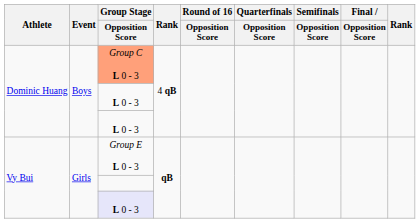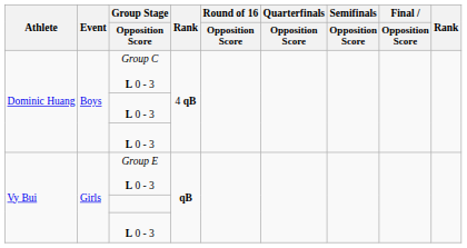 <table class=wikitable style="font-size:90%">
 <tr>
 <th rowspan="2">Athlete</th>
 <th rowspan="2">Event</th>
 <th>Group Stage</th>
 <th rowspan="2">Rank</th>
 <th>Round of 16</th>
 <th>Quarterfinals</th>
 <th>Semifinals</th>
 <th>Final / </th>
 <th rowspan=2>Rank</th>
 </tr>
 <tr style="font-size:95%">
 <th>Opposition<br>Score</th>
 <th>Opposition<br>Score</th>
 <th>Opposition<br>Score</th>
 <th>Opposition<br>Score</th>
 <th>Opposition<br>Score</th>
 </tr>
 <tr align=center>
 <td align=left rowspan=3><a href='#'>Dominic Huang</a></td>
 <td align=left rowspan=3><a href='#'>Boys</a></td>
-<td style="background: lightsalmon;"><em>Group C</em><br><br><strong>L</strong> 0 - 3</td>
+<td><em>Group C</em><br><br><strong>L</strong> 0 - 3</td>
 <td rowspan=3>4 <strong>qB</strong></td>
 <td rowspan=3></td>
 <td rowspan=3></td>
 <td rowspan=3></td>
 <td rowspan=3></td>
 <td rowspan=3></td>
 </tr>
 <tr align=center>
 <td><br><strong>L</strong> 0 - 3</td>
 </tr>
 <tr align=center>
 <td><br><strong>L</strong> 0 - 3</td>
 </tr>
 <tr align=center>
 <td align=left rowspan=3><a href='#'>Vy Bui</a></td>
 <td align=left rowspan=3><a href='#'>Girls</a></td>
 <td><em>Group E</em><br><br><strong>L</strong> 0 - 3</td>
 <td rowspan=3><strong>qB</strong></td>
 <td rowspan=3></td>
 <td rowspan=3></td>
 <td rowspan=3></td>
 <td rowspan=3></td>
 <td rowspan=3></td>
 </tr>
 <tr align=center>
 <td><br></td>
 </tr>
 <tr align=center>
-<td style="background: lavender;"><br><strong>L</strong> 0 - 3</td>
+<td><br><strong>L</strong> 0 - 3</td>
 </tr>
 </table>
